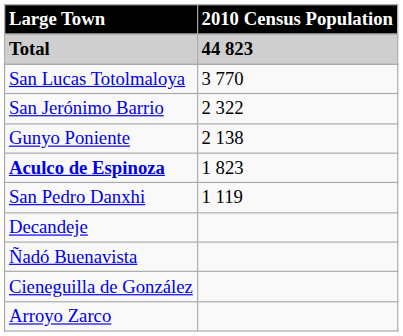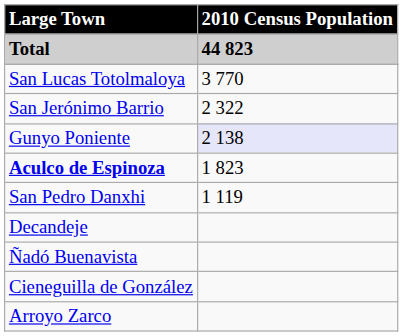 <table class="wikitable">
 <tr style="background:#000000; color:#FFFFFF;">
 <td><strong>Large Town</strong></td>
 <td><strong>2010 Census Population</strong></td>
 </tr>
 <tr style="background:#CFCFCF;">
 <td><strong>Total</strong></td>
 <td><strong>44 823</strong></td>
 </tr>
 <tr>
 </tr>
 <tr>
 <td><a href='#'>San Lucas Totolmaloya</a></td>
 <td>3 770</td>
 </tr>
 <tr>
 <td><a href='#'>San Jerónimo Barrio</a></td>
 <td>2 322</td>
 </tr>
 <tr>
 <td><a href='#'>Gunyo Poniente</a></td>
-<td>2 138</td>
+<td style="background: lavender;">2 138</td>
 </tr>
 <tr>
 <td><strong><a href='#'>Aculco de Espinoza</a></strong></td>
 <td>1 823</td>
 </tr>
 <tr>
 <td><a href='#'>San Pedro Danxhi</a></td>
 <td>1 119</td>
 </tr>
 <tr>
 <td><a href='#'>Decandeje</a></td>
 <td></td>
 </tr>
 <tr>
 <td><a href='#'>Ñadó Buenavista</a></td>
 <td></td>
 </tr>
 <tr>
 <td><a href='#'>Cieneguilla de González</a></td>
 <td></td>
 </tr>
 <tr>
 <td><a href='#'>Arroyo Zarco</a></td>
 <td></td>
 </tr>
 </table>
